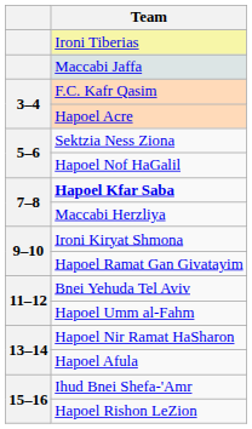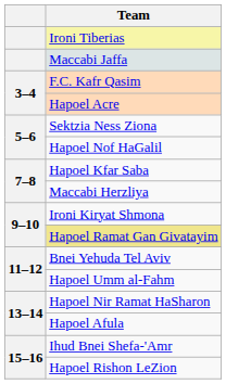 <table class="wikitable">
 <tr>
 <th></th>
 <th>Team</th>
 </tr>
 <tr>
 <th></th>
 <td bgcolor=F7F6A8><a href='#'>Ironi Tiberias</a></td>
 </tr>
 <tr>
 <th></th>
 <td bgcolor=DCE5E5><a href='#'>Maccabi Jaffa</a></td>
 </tr>
 <tr>
 <th rowspan=2>3–4</th>
 <td bgcolor=FFDAB9><a href='#'>F.C. Kafr Qasim</a></td>
 </tr>
 <tr>
 <td bgcolor=FFDAB9><a href='#'>Hapoel Acre</a></td>
 </tr>
 <tr>
 <th rowspan=2>5–6</th>
 <td><a href='#'>Sektzia Ness Ziona</a></td>
 </tr>
 <tr>
 <td><a href='#'>Hapoel Nof HaGalil</a></td>
 </tr>
 <tr>
 <th rowspan=2>7–8</th>
-<td><strong><a href='#'>Hapoel Kfar Saba</a></strong></td>
+<td><a href='#'>Hapoel Kfar Saba</a></td>
 </tr>
 <tr>
 <td><a href='#'>Maccabi Herzliya</a></td>
 </tr>
 <tr>
 <th rowspan=2>9–10</th>
 <td><a href='#'>Ironi Kiryat Shmona</a></td>
 </tr>
 <tr>
-<td><a href='#'>Hapoel Ramat Gan Givatayim</a></td>
+<td style="background: khaki;"><a href='#'>Hapoel Ramat Gan Givatayim</a></td>
 </tr>
 <tr>
 <th rowspan=2>11–12</th>
 <td><a href='#'>Bnei Yehuda Tel Aviv</a></td>
 </tr>
 <tr>
 <td><a href='#'>Hapoel Umm al-Fahm</a></td>
 </tr>
 <tr>
 <th rowspan=2>13–14</th>
 <td><a href='#'>Hapoel Nir Ramat HaSharon</a></td>
 </tr>
 <tr>
 <td><a href='#'>Hapoel Afula</a></td>
 </tr>
 <tr>
 <th rowspan=2>15–16</th>
 <td><a href='#'>Ihud Bnei Shefa-'Amr</a></td>
 </tr>
 <tr>
 <td><a href='#'>Hapoel Rishon LeZion</a></td>
 </tr>
 </table>
